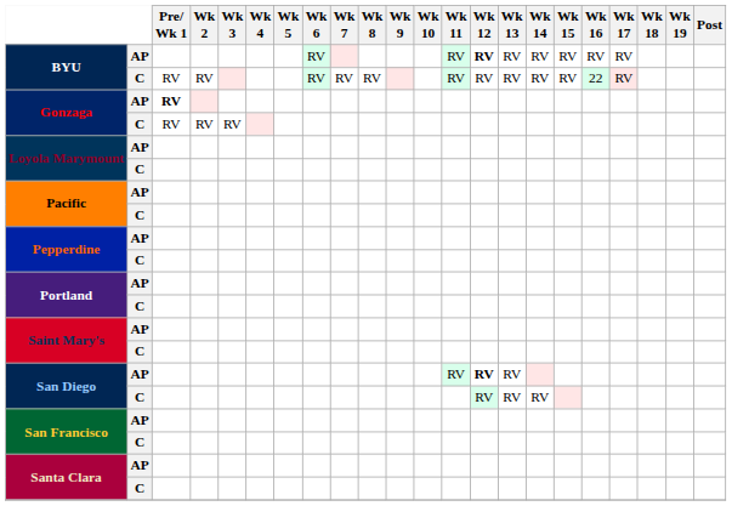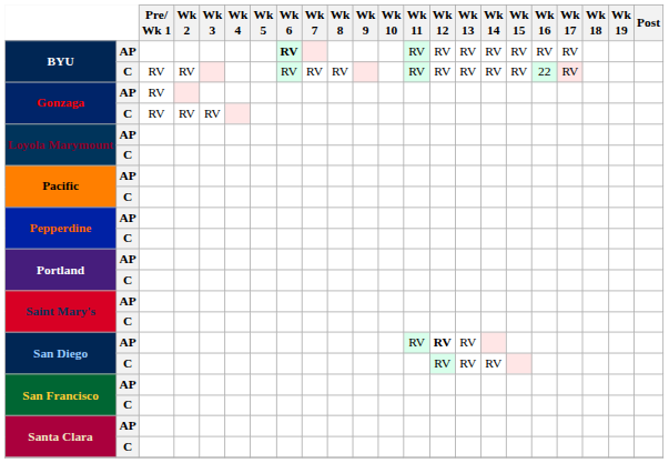 <table class="wikitable" style="white-space:nowrap;font-size:90%;">
 <tr>
 <th colspan=2 style="background:white; border-top-style:hidden; border-left-style:hidden;"> </th>
 <th>Pre/<br>Wk 1</th>
 <th>Wk<br>2</th>
 <th>Wk<br>3</th>
 <th>Wk<br>4</th>
 <th>Wk<br>5</th>
 <th>Wk<br>6</th>
 <th>Wk<br>7</th>
 <th>Wk<br>8</th>
 <th>Wk<br>9</th>
 <th>Wk<br>10</th>
 <th>Wk<br>11</th>
 <th>Wk<br>12</th>
 <th>Wk<br>13</th>
 <th>Wk<br>14</th>
 <th>Wk<br>15</th>
 <th>Wk<br>16</th>
 <th>Wk<br>17</th>
 <th>Wk<br>18</th>
 <th>Wk<br>19</th>
 <th>Post</th>
 </tr>
 <tr style="text-align:center;">
 <th rowspan=2 style="background:#002654; color:#FFFFFF;">BYU</th>
 <th>AP</th>
 <td style="background:#FFF;"></td>
 <td style="background:#FFF;"></td>
 <td style="background:#FFF;"></td>
 <td style="background:#FFF;"></td>
 <td style="background:#FFF;"></td>
-<td style="background:#D8FFEB;">RV</td>
+<td style="background:#D8FFEB;"><strong>RV</strong></td>
 <td style="background:#FFE6E6;"></td>
 <td style="background:#FFF;"></td>
 <td style="background:#FFF;"></td>
 <td style="background:#FFF;"></td>
 <td style="background:#D8FFEB;">RV</td>
-<td style="background:#FFF;"><strong>RV</strong></td>
+<td style="background:#FFF;">RV</td>
 <td style="background:#FFF;">RV</td>
 <td style="background:#FFF;">RV</td>
 <td style="background:#FFF;">RV</td>
 <td style="background:#FFF;">RV</td>
 <td style="background:#FFF;">RV</td>
 <td style="background:#FFF;"></td>
 <td style="background:#FFF;"></td>
 <td style="background:#FFF;"></td>
 </tr>
 <tr style="text-align:center;">
 <th>C</th>
 <td style="background:#FFF;">RV</td>
 <td style="background:#FFF;">RV</td>
 <td style="background:#FFE6E6;"></td>
 <td style="background:#FFF;"></td>
 <td style="background:#FFF;"></td>
 <td style="background:#D8FFEB;">RV</td>
 <td style="background:#FFF;">RV</td>
 <td style="background:#FFF;">RV</td>
 <td style="background:#FFE6E6;"></td>
 <td style="background:#FFF;"></td>
 <td style="background:#D8FFEB;">RV</td>
 <td style="background:#FFF;">RV</td>
 <td style="background:#FFF;">RV</td>
 <td style="background:#FFF;">RV</td>
 <td style="background:#FFF;">RV</td>
 <td style="background:#D8FFEB;">22</td>
 <td style="background:#FFE6E6;">RV</td>
 <td style="background:#FFF;"></td>
 <td style="background:#FFF;"></td>
 <td style="background:#FFF;"></td>
 </tr>
 <tr style="text-align:center;">
 <th rowspan=2 style="background:#002469; color:#FF0000;">Gonzaga</th>
 <th>AP</th>
-<td style="background:#FFF;"><strong>RV</strong></td>
+<td style="background:#FFF;">RV</td>
 <td style="background:#FFE6E6;"></td>
 <td style="background:#FFF;"></td>
 <td style="background:#FFF;"></td>
 <td style="background:#FFF;"></td>
 <td style="background:#FFF;"></td>
 <td style="background:#FFF;"></td>
 <td style="background:#FFF;"></td>
 <td style="background:#FFF;"></td>
 <td style="background:#FFF;"></td>
 <td style="background:#FFF;"></td>
 <td style="background:#FFF;"></td>
 <td style="background:#FFF;"></td>
 <td style="background:#FFF;"></td>
 <td style="background:#FFF;"></td>
 <td style="background:#FFF;"></td>
 <td style="background:#FFF;"></td>
 <td style="background:#FFF;"></td>
 <td style="background:#FFF;"></td>
 <td style="background:#FFF;"></td>
 </tr>
 <tr style="text-align:center;">
 <th>C</th>
 <td style="background:#FFF;">RV</td>
 <td style="background:#FFF;">RV</td>
 <td style="background:#FFF;">RV</td>
 <td style="background:#FFE6E6;"></td>
 <td style="background:#FFF;"></td>
 <td style="background:#FFF;"></td>
 <td style="background:#FFF;"></td>
 <td style="background:#FFF;"></td>
 <td style="background:#FFF;"></td>
 <td style="background:#FFF;"></td>
 <td style="background:#FFF;"></td>
 <td style="background:#FFF;"></td>
 <td style="background:#FFF;"></td>
 <td style="background:#FFF;"></td>
 <td style="background:#FFF;"></td>
 <td style="background:#FFF;"></td>
 <td style="background:#FFF;"></td>
 <td style="background:#FFF;"></td>
 <td style="background:#FFF;"></td>
 <td style="background:#FFF;"></td>
 </tr>
 <tr style="text-align:center;">
 <th rowspan=2 style="background:#00345B; color:#8E0028;">Loyola Marymount</th>
 <th>AP</th>
 <td style="background:#FFF;"></td>
 <td style="background:#FFF;"></td>
 <td style="background:#FFF;"></td>
 <td style="background:#FFF;"></td>
 <td style="background:#FFF;"></td>
 <td style="background:#FFF;"></td>
 <td style="background:#FFF;"></td>
 <td style="background:#FFF;"></td>
 <td style="background:#FFF;"></td>
 <td style="background:#FFF;"></td>
 <td style="background:#FFF;"></td>
 <td style="background:#FFF;"></td>
 <td style="background:#FFF;"></td>
 <td style="background:#FFF;"></td>
 <td style="background:#FFF;"></td>
 <td style="background:#FFF;"></td>
 <td style="background:#FFF;"></td>
 <td style="background:#FFF;"></td>
 <td style="background:#FFF;"></td>
 <td style="background:#FFF;"></td>
 </tr>
 <tr style="text-align:center;">
 <th>C</th>
 <td style="background:#FFF;"></td>
 <td style="background:#FFF;"></td>
 <td style="background:#FFF;"></td>
 <td style="background:#FFF;"></td>
 <td style="background:#FFF;"></td>
 <td style="background:#FFF;"></td>
 <td style="background:#FFF;"></td>
 <td style="background:#FFF;"></td>
 <td style="background:#FFF;"></td>
 <td style="background:#FFF;"></td>
 <td style="background:#FFF;"></td>
 <td style="background:#FFF;"></td>
 <td style="background:#FFF;"></td>
 <td style="background:#FFF;"></td>
 <td style="background:#FFF;"></td>
 <td style="background:#FFF;"></td>
 <td style="background:#FFF;"></td>
 <td style="background:#FFF;"></td>
 <td style="background:#FFF;"></td>
 <td style="background:#FFF;"></td>
 </tr>
 <tr style="text-align:center;">
 <th rowspan=2 style="background:#FF7F00; color:#000000;">Pacific</th>
 <th>AP</th>
 <td style="background:#FFF;"></td>
 <td style="background:#FFF;"></td>
 <td style="background:#FFF;"></td>
 <td style="background:#FFF;"></td>
 <td style="background:#FFF;"></td>
 <td style="background:#FFF;"></td>
 <td style="background:#FFF;"></td>
 <td style="background:#FFF;"></td>
 <td style="background:#FFF;"></td>
 <td style="background:#FFF;"></td>
 <td style="background:#FFF;"></td>
 <td style="background:#FFF;"></td>
 <td style="background:#FFF;"></td>
 <td style="background:#FFF;"></td>
 <td style="background:#FFF;"></td>
 <td style="background:#FFF;"></td>
 <td style="background:#FFF;"></td>
 <td style="background:#FFF;"></td>
 <td style="background:#FFF;"></td>
 <td style="background:#FFF;"></td>
 </tr>
 <tr style="text-align:center;">
 <th>C</th>
 <td style="background:#FFF;"></td>
 <td style="background:#FFF;"></td>
 <td style="background:#FFF;"></td>
 <td style="background:#FFF;"></td>
 <td style="background:#FFF;"></td>
 <td style="background:#FFF;"></td>
 <td style="background:#FFF;"></td>
 <td style="background:#FFF;"></td>
 <td style="background:#FFF;"></td>
 <td style="background:#FFF;"></td>
 <td style="background:#FFF;"></td>
 <td style="background:#FFF;"></td>
 <td style="background:#FFF;"></td>
 <td style="background:#FFF;"></td>
 <td style="background:#FFF;"></td>
 <td style="background:#FFF;"></td>
 <td style="background:#FFF;"></td>
 <td style="background:#FFF;"></td>
 <td style="background:#FFF;"></td>
 <td style="background:#FFF;"></td>
 </tr>
 <tr style="text-align:center;">
 <th rowspan=2 style="background:#0021A5; color:#FF6200;">Pepperdine</th>
 <th>AP</th>
 <td style="background:#FFF;"></td>
 <td style="background:#FFF;"></td>
 <td style="background:#FFF;"></td>
 <td style="background:#FFF;"></td>
 <td style="background:#FFF;"></td>
 <td style="background:#FFF;"></td>
 <td style="background:#FFF;"></td>
 <td style="background:#FFF;"></td>
 <td style="background:#FFF;"></td>
 <td style="background:#FFF;"></td>
 <td style="background:#FFF;"></td>
 <td style="background:#FFF;"></td>
 <td style="background:#FFF;"></td>
 <td style="background:#FFF;"></td>
 <td style="background:#FFF;"></td>
 <td style="background:#FFF;"></td>
 <td style="background:#FFF;"></td>
 <td style="background:#FFF;"></td>
 <td style="background:#FFF;"></td>
 <td style="background:#FFF;"></td>
 </tr>
 <tr style="text-align:center;">
 <th>C</th>
 <td style="background:#FFF;"></td>
 <td style="background:#FFF;"></td>
 <td style="background:#FFF;"></td>
 <td style="background:#FFF;"></td>
 <td style="background:#FFF;"></td>
 <td style="background:#FFF;"></td>
 <td style="background:#FFF;"></td>
 <td style="background:#FFF;"></td>
 <td style="background:#FFF;"></td>
 <td style="background:#FFF;"></td>
 <td style="background:#FFF;"></td>
 <td style="background:#FFF;"></td>
 <td style="background:#FFF;"></td>
 <td style="background:#FFF;"></td>
 <td style="background:#FFF;"></td>
 <td style="background:#FFF;"></td>
 <td style="background:#FFF;"></td>
 <td style="background:#FFF;"></td>
 <td style="background:#FFF;"></td>
 <td style="background:#FFF;"></td>
 </tr>
 <tr style="text-align:center;">
 <th rowspan=2 style="background:#461D7C; color:#FFFFFF;">Portland</th>
 <th>AP</th>
 <td style="background:#FFF;"></td>
 <td style="background:#FFF;"></td>
 <td style="background:#FFF;"></td>
 <td style="background:#FFF;"></td>
 <td style="background:#FFF;"></td>
 <td style="background:#FFF;"></td>
 <td style="background:#FFF;"></td>
 <td style="background:#FFF;"></td>
 <td style="background:#FFF;"></td>
 <td style="background:#FFF;"></td>
 <td style="background:#FFF;"></td>
 <td style="background:#FFF;"></td>
 <td style="background:#FFF;"></td>
 <td style="background:#FFF;"></td>
 <td style="background:#FFF;"></td>
 <td style="background:#FFF;"></td>
 <td style="background:#FFF;"></td>
 <td style="background:#FFF;"></td>
 <td style="background:#FFF;"></td>
 <td style="background:#FFF;"></td>
 </tr>
 <tr style="text-align:center;">
 <th>C</th>
 <td style="background:#FFF;"></td>
 <td style="background:#FFF;"></td>
 <td style="background:#FFF;"></td>
 <td style="background:#FFF;"></td>
 <td style="background:#FFF;"></td>
 <td style="background:#FFF;"></td>
 <td style="background:#FFF;"></td>
 <td style="background:#FFF;"></td>
 <td style="background:#FFF;"></td>
 <td style="background:#FFF;"></td>
 <td style="background:#FFF;"></td>
 <td style="background:#FFF;"></td>
 <td style="background:#FFF;"></td>
 <td style="background:#FFF;"></td>
 <td style="background:#FFF;"></td>
 <td style="background:#FFF;"></td>
 <td style="background:#FFF;"></td>
 <td style="background:#FFF;"></td>
 <td style="background:#FFF;"></td>
 <td style="background:#FFF;"></td>
 </tr>
 <tr style="text-align:center;">
 <th rowspan=2 style="background:#D80024; color:#06315B;">Saint Mary's</th>
 <th>AP</th>
 <td style="background:#FFF;"></td>
 <td style="background:#FFF;"></td>
 <td style="background:#FFF;"></td>
 <td style="background:#FFF;"></td>
 <td style="background:#FFF;"></td>
 <td style="background:#FFF;"></td>
 <td style="background:#FFF;"></td>
 <td style="background:#FFF;"></td>
 <td style="background:#FFF;"></td>
 <td style="background:#FFF;"></td>
 <td style="background:#FFF;"></td>
 <td style="background:#FFF;"></td>
 <td style="background:#FFF;"></td>
 <td style="background:#FFF;"></td>
 <td style="background:#FFF;"></td>
 <td style="background:#FFF;"></td>
 <td style="background:#FFF;"></td>
 <td style="background:#FFF;"></td>
 <td style="background:#FFF;"></td>
 <td style="background:#FFF;"></td>
 </tr>
 <tr style="text-align:center;">
 <th>C</th>
 <td style="background:#FFF;"></td>
 <td style="background:#FFF;"></td>
 <td style="background:#FFF;"></td>
 <td style="background:#FFF;"></td>
 <td style="background:#FFF;"></td>
 <td style="background:#FFF;"></td>
 <td style="background:#FFF;"></td>
 <td style="background:#FFF;"></td>
 <td style="background:#FFF;"></td>
 <td style="background:#FFF;"></td>
 <td style="background:#FFF;"></td>
 <td style="background:#FFF;"></td>
 <td style="background:#FFF;"></td>
 <td style="background:#FFF;"></td>
 <td style="background:#FFF;"></td>
 <td style="background:#FFF;"></td>
 <td style="background:#FFF;"></td>
 <td style="background:#FFF;"></td>
 <td style="background:#FFF;"></td>
 <td style="background:#FFF;"></td>
 </tr>
 <tr style="text-align:center;">
 <th rowspan=2 style="background:#002654; color:#97CAFF;">San Diego</th>
 <th>AP</th>
 <td style="background:#FFF;"></td>
 <td style="background:#FFF;"></td>
 <td style="background:#FFF;"></td>
 <td style="background:#FFF;"></td>
 <td style="background:#FFF;"></td>
 <td style="background:#FFF;"></td>
 <td style="background:#FFF;"></td>
 <td style="background:#FFF;"></td>
 <td style="background:#FFF;"></td>
 <td style="background:#FFF;"></td>
 <td style="background:#D8FFEB;">RV</td>
 <td style="background:#FFF;"><strong>RV</strong></td>
 <td style="background:#FFF;">RV</td>
 <td style="background:#FFE6E6;"></td>
 <td style="background:#FFF;"></td>
 <td style="background:#FFF;"></td>
 <td style="background:#FFF;"></td>
 <td style="background:#FFF;"></td>
 <td style="background:#FFF;"></td>
 <td style="background:#FFF;"></td>
 </tr>
 <tr style="text-align:center;">
 <th>C</th>
 <td style="background:#FFF;"></td>
 <td style="background:#FFF;"></td>
 <td style="background:#FFF;"></td>
 <td style="background:#FFF;"></td>
 <td style="background:#FFF;"></td>
 <td style="background:#FFF;"></td>
 <td style="background:#FFF;"></td>
 <td style="background:#FFF;"></td>
 <td style="background:#FFF;"></td>
 <td style="background:#FFF;"></td>
 <td style="background:#FFF;"></td>
 <td style="background:#D8FFEB;">RV</td>
 <td style="background:#FFF;">RV</td>
 <td style="background:#FFF;">RV</td>
 <td style="background:#FFE6E6;"></td>
 <td style="background:#FFF;"></td>
 <td style="background:#FFF;"></td>
 <td style="background:#FFF;"></td>
 <td style="background:#FFF;"></td>
 <td style="background:#FFF;"></td>
 </tr>
 <tr style="text-align:center;">
 <th rowspan=2 style="background:#006633; color:#FFCC33;">San Francisco</th>
 <th>AP</th>
 <td style="background:#FFF;"></td>
 <td style="background:#FFF;"></td>
 <td style="background:#FFF;"></td>
 <td style="background:#FFF;"></td>
 <td style="background:#FFF;"></td>
 <td style="background:#FFF;"></td>
 <td style="background:#FFF;"></td>
 <td style="background:#FFF;"></td>
 <td style="background:#FFF;"></td>
 <td style="background:#FFF;"></td>
 <td style="background:#FFF;"></td>
 <td style="background:#FFF;"></td>
 <td style="background:#FFF;"></td>
 <td style="background:#FFF;"></td>
 <td style="background:#FFF;"></td>
 <td style="background:#FFF;"></td>
 <td style="background:#FFF;"></td>
 <td style="background:#FFF;"></td>
 <td style="background:#FFF;"></td>
 <td style="background:#FFF;"></td>
 </tr>
 <tr style="text-align:center;">
 <th>C</th>
 <td style="background:#FFF;"></td>
 <td style="background:#FFF;"></td>
 <td style="background:#FFF;"></td>
 <td style="background:#FFF;"></td>
 <td style="background:#FFF;"></td>
 <td style="background:#FFF;"></td>
 <td style="background:#FFF;"></td>
 <td style="background:#FFF;"></td>
 <td style="background:#FFF;"></td>
 <td style="background:#FFF;"></td>
 <td style="background:#FFF;"></td>
 <td style="background:#FFF;"></td>
 <td style="background:#FFF;"></td>
 <td style="background:#FFF;"></td>
 <td style="background:#FFF;"></td>
 <td style="background:#FFF;"></td>
 <td style="background:#FFF;"></td>
 <td style="background:#FFF;"></td>
 <td style="background:#FFF;"></td>
 <td style="background:#FFF;"></td>
 </tr>
 <tr style="text-align:center;">
 <th rowspan=2 style="background:#AA003D; color:#F0E8C4;">Santa Clara</th>
 <th>AP</th>
 <td style="background:#FFF;"></td>
 <td style="background:#FFF;"></td>
 <td style="background:#FFF;"></td>
 <td style="background:#FFF;"></td>
 <td style="background:#FFF;"></td>
 <td style="background:#FFF;"></td>
 <td style="background:#FFF;"></td>
 <td style="background:#FFF;"></td>
 <td style="background:#FFF;"></td>
 <td style="background:#FFF;"></td>
 <td style="background:#FFF;"></td>
 <td style="background:#FFF;"></td>
 <td style="background:#FFF;"></td>
 <td style="background:#FFF;"></td>
 <td style="background:#FFF;"></td>
 <td style="background:#FFF;"></td>
 <td style="background:#FFF;"></td>
 <td style="background:#FFF;"></td>
 <td style="background:#FFF;"></td>
 <td style="background:#FFF;"></td>
 </tr>
 <tr style="text-align:center;">
 <th>C</th>
 <td style="background:#FFF;"></td>
 <td style="background:#FFF;"></td>
 <td style="background:#FFF;"></td>
 <td style="background:#FFF;"></td>
 <td style="background:#FFF;"></td>
 <td style="background:#FFF;"></td>
 <td style="background:#FFF;"></td>
 <td style="background:#FFF;"></td>
 <td style="background:#FFF;"></td>
 <td style="background:#FFF;"></td>
 <td style="background:#FFF;"></td>
 <td style="background:#FFF;"></td>
 <td style="background:#FFF;"></td>
 <td style="background:#FFF;"></td>
 <td style="background:#FFF;"></td>
 <td style="background:#FFF;"></td>
 <td style="background:#FFF;"></td>
 <td style="background:#FFF;"></td>
 <td style="background:#FFF;"></td>
 <td style="background:#FFF;"></td>
 </tr>
 <tr>
 </tr>
 </table>
